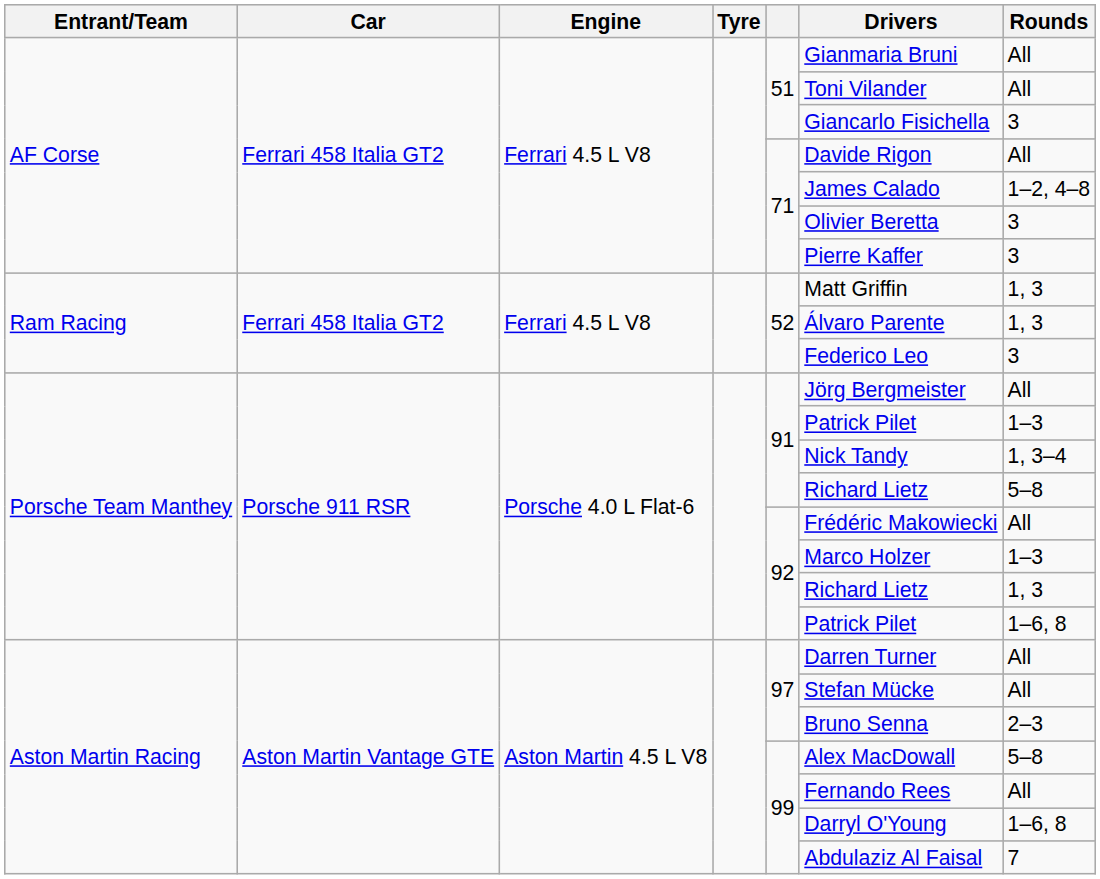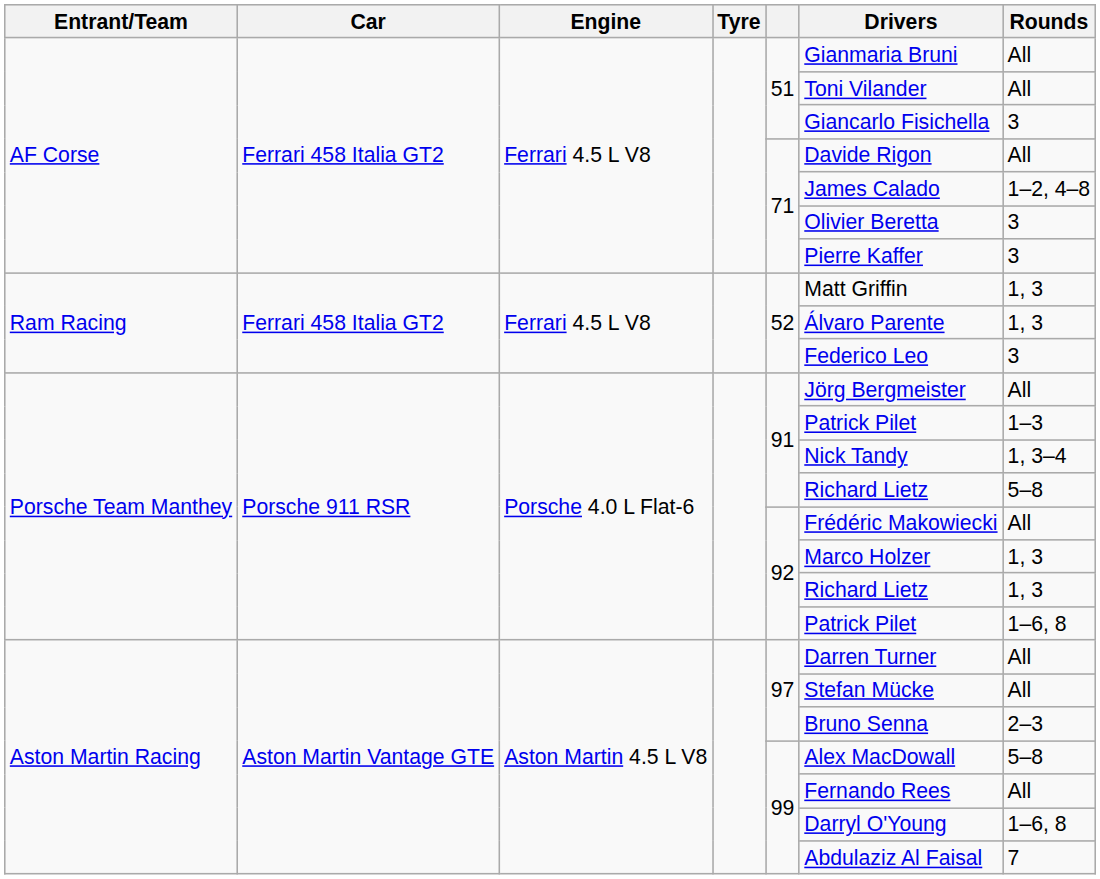 <table class="wikitable" style="font-size: 85%">
 <tr>
 <th>Entrant/Team</th>
 <th>Car</th>
 <th>Engine</th>
 <th>Tyre</th>
 <th></th>
 <th>Drivers</th>
 <th>Rounds</th>
 </tr>
 <tr>
 <td rowspan=7> <a href='#'>AF Corse</a></td>
 <td rowspan=7><a href='#'>Ferrari 458 Italia GT2</a></td>
 <td rowspan=7><a href='#'>Ferrari</a> 4.5 L V8</td>
 <td rowspan=7></td>
 <td rowspan=3>51</td>
 <td> <a href='#'>Gianmaria Bruni</a></td>
 <td>All</td>
 </tr>
 <tr>
 <td> <a href='#'>Toni Vilander</a></td>
 <td>All</td>
 </tr>
 <tr>
 <td> <a href='#'>Giancarlo Fisichella</a></td>
 <td>3</td>
 </tr>
 <tr>
 <td rowspan=4>71</td>
 <td> <a href='#'>Davide Rigon</a></td>
 <td>All</td>
 </tr>
 <tr>
 <td> <a href='#'>James Calado</a></td>
 <td>1–2, 4–8</td>
 </tr>
 <tr>
 <td> <a href='#'>Olivier Beretta</a></td>
 <td>3</td>
 </tr>
 <tr>
 <td> <a href='#'>Pierre Kaffer</a></td>
 <td>3</td>
 </tr>
 <tr>
 <td rowspan=3> <a href='#'>Ram Racing</a></td>
 <td rowspan=3><a href='#'>Ferrari 458 Italia GT2</a></td>
 <td rowspan=3><a href='#'>Ferrari</a> 4.5 L V8</td>
 <td rowspan=3></td>
 <td rowspan=3>52</td>
 <td> Matt Griffin</td>
 <td>1, 3</td>
 </tr>
 <tr>
 <td> <a href='#'>Álvaro Parente</a></td>
 <td>1, 3</td>
 </tr>
 <tr>
 <td> <a href='#'>Federico Leo</a></td>
 <td>3</td>
 </tr>
 <tr>
 <td rowspan=8> <a href='#'>Porsche Team Manthey</a></td>
 <td rowspan=8><a href='#'>Porsche 911 RSR</a></td>
 <td rowspan=8><a href='#'>Porsche</a> 4.0 L Flat-6</td>
 <td rowspan=8></td>
 <td rowspan=4>91</td>
 <td> <a href='#'>Jörg Bergmeister</a></td>
 <td>All</td>
 </tr>
 <tr>
 <td> <a href='#'>Patrick Pilet</a></td>
 <td>1–3</td>
 </tr>
 <tr>
 <td> <a href='#'>Nick Tandy</a></td>
 <td>1, 3–4</td>
 </tr>
 <tr>
 <td> <a href='#'>Richard Lietz</a></td>
 <td>5–8</td>
 </tr>
 <tr>
 <td rowspan=4>92</td>
 <td> <a href='#'>Frédéric Makowiecki</a></td>
 <td>All</td>
 </tr>
 <tr>
 <td> <a href='#'>Marco Holzer</a></td>
-<td>1–3</td>
+<td>1, 3</td>
 </tr>
 <tr>
 <td> <a href='#'>Richard Lietz</a></td>
 <td>1, 3</td>
 </tr>
 <tr>
 <td> <a href='#'>Patrick Pilet</a></td>
 <td>1–6, 8</td>
 </tr>
 <tr>
 <td rowspan=7> <a href='#'>Aston Martin Racing</a></td>
 <td rowspan=7><a href='#'>Aston Martin Vantage GTE</a></td>
 <td rowspan=7><a href='#'>Aston Martin</a> 4.5 L V8</td>
 <td rowspan=7></td>
 <td rowspan=3>97</td>
 <td> <a href='#'>Darren Turner</a></td>
 <td>All</td>
 </tr>
 <tr>
 <td> <a href='#'>Stefan Mücke</a></td>
 <td>All</td>
 </tr>
 <tr>
 <td> <a href='#'>Bruno Senna</a></td>
 <td>2–3</td>
 </tr>
 <tr>
 <td rowspan=4>99</td>
 <td> <a href='#'>Alex MacDowall</a></td>
 <td>5–8</td>
 </tr>
 <tr>
 <td> <a href='#'>Fernando Rees</a></td>
 <td>All</td>
 </tr>
 <tr>
 <td> <a href='#'>Darryl O'Young</a></td>
 <td>1–6, 8</td>
 </tr>
 <tr>
 <td> <a href='#'>Abdulaziz Al Faisal</a></td>
 <td>7</td>
 </tr>
 </table>
